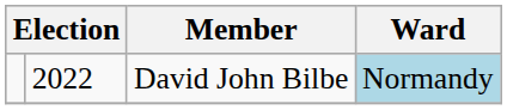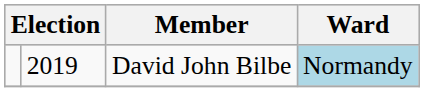 <table class="wikitable">
 <tr>
 <th colspan="2">Election</th>
 <th>Member</th>
 <th>Ward</th>
 </tr>
 <tr>
 <td style="background-color: "></td>
-<td>2022</td>
+<td>2019</td>
 <td>David John Bilbe</td>
 <td style="background: lightblue;">Normandy</td>
 </tr>
 <tr>
 </tr>
 </table>
